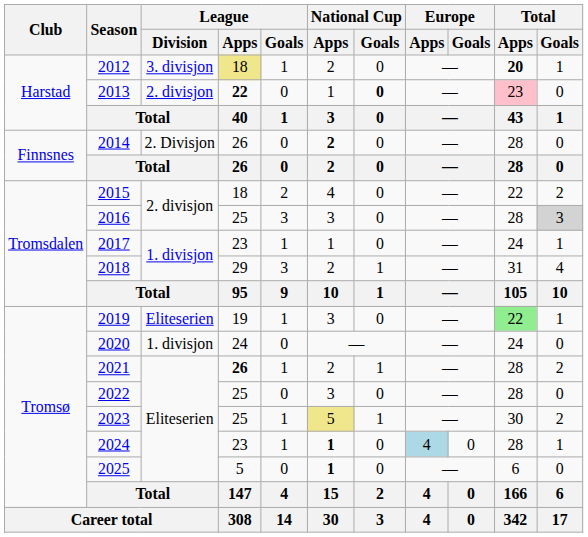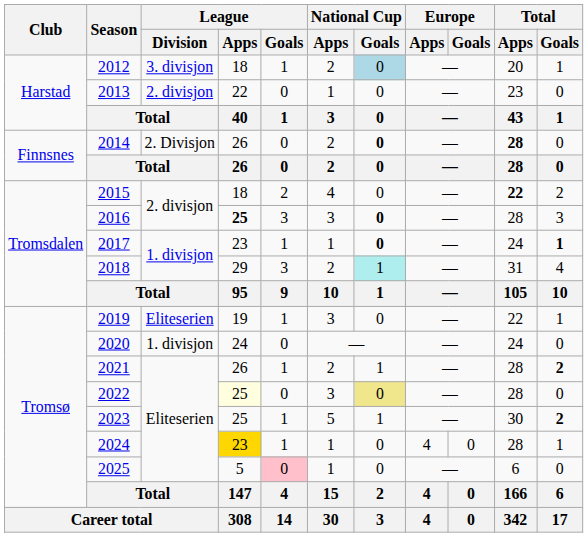 <table class="wikitable" style="text-align: center;">
 <tr>
 <th rowspan=2>Club</th>
 <th rowspan=2>Season</th>
 <th colspan=3>League</th>
 <th colspan=2>National Cup</th>
 <th colspan=2>Europe</th>
 <th colspan=2>Total</th>
 </tr>
 <tr>
 <th>Division</th>
 <th>Apps</th>
 <th>Goals</th>
 <th>Apps</th>
 <th>Goals</th>
 <th>Apps</th>
 <th>Goals</th>
 <th>Apps</th>
 <th>Goals</th>
 </tr>
 <tr>
 <td rowspan=3><a href='#'>Harstad</a></td>
 <td><a href='#'>2012</a></td>
 <td><a href='#'>3. divisjon</a></td>
-<td style="background: khaki;">18</td>
+<td>18</td>
 <td>1</td>
 <td>2</td>
-<td>0</td>
+<td style="background: lightblue;">0</td>
 <td colspan=2>—</td>
-<td><strong>20</strong></td>
+<td>20</td>
 <td>1</td>
 </tr>
 <tr>
 <td><a href='#'>2013</a></td>
 <td><a href='#'>2. divisjon</a></td>
-<td><strong>22</strong></td>
+<td>22</td>
 <td>0</td>
 <td>1</td>
-<td><strong>0</strong></td>
+<td>0</td>
 <td colspan=2>—</td>
-<td style="background: pink;">23</td>
+<td>23</td>
 <td>0</td>
 </tr>
 <tr>
 <th colspan="2">Total</th>
 <th>40</th>
 <th>1</th>
 <th>3</th>
 <th>0</th>
 <th colspan=2>—</th>
 <th>43</th>
 <th>1</th>
 </tr>
 <tr>
 <td rowspan=2><a href='#'>Finnsnes</a></td>
 <td><a href='#'>2014</a></td>
 <td>2. Divisjon</td>
 <td>26</td>
 <td>0</td>
-<td><strong>2</strong></td>
-<td>0</td>
+<td>2</td>
+<td><strong>0</strong></td>
 <td colspan=2>—</td>
-<td>28</td>
+<td><strong>28</strong></td>
 <td>0</td>
 </tr>
 <tr>
 <th colspan=2>Total</th>
 <th>26</th>
 <th>0</th>
 <th>2</th>
 <th>0</th>
 <th colspan=2>—</th>
 <th>28</th>
 <th>0</th>
 </tr>
 <tr>
 <td rowspan=5><a href='#'>Tromsdalen</a></td>
 <td><a href='#'>2015</a></td>
 <td rowspan=2>2. divisjon</td>
 <td>18</td>
 <td>2</td>
 <td>4</td>
 <td>0</td>
 <td colspan=2>—</td>
-<td>22</td>
+<td><strong>22</strong></td>
 <td>2</td>
 </tr>
 <tr>
 <td><a href='#'>2016</a></td>
-<td>25</td>
+<td><strong>25</strong></td>
 <td>3</td>
 <td>3</td>
-<td>0</td>
+<td><strong>0</strong></td>
 <td colspan="2">—</td>
 <td>28</td>
-<td style="background: lightgrey;">3</td>
+<td>3</td>
 </tr>
 <tr>
 <td><a href='#'>2017</a></td>
 <td rowspan=2><a href='#'>1. divisjon</a></td>
 <td>23</td>
 <td>1</td>
 <td>1</td>
-<td>0</td>
+<td><strong>0</strong></td>
 <td colspan=2>—</td>
 <td>24</td>
-<td>1</td>
+<td><strong>1</strong></td>
 </tr>
 <tr>
 <td><a href='#'>2018</a></td>
 <td>29</td>
 <td>3</td>
 <td>2</td>
-<td>1</td>
+<td style="background: paleturquoise;">1</td>
 <td colspan=2>—</td>
 <td>31</td>
 <td>4</td>
 </tr>
 <tr>
 <th colspan=2>Total</th>
 <th>95</th>
 <th>9</th>
 <th>10</th>
 <th>1</th>
 <th colspan=2>—</th>
 <th>105</th>
 <th>10</th>
 </tr>
 <tr>
 <td rowspan=8><a href='#'>Tromsø</a></td>
 <td><a href='#'>2019</a></td>
 <td><a href='#'>Eliteserien</a></td>
 <td>19</td>
 <td>1</td>
 <td>3</td>
 <td>0</td>
 <td colspan=2>—</td>
-<td style="background: lightgreen;">22</td>
+<td>22</td>
 <td>1</td>
 </tr>
 <tr>
 <td><a href='#'>2020</a></td>
 <td>1. divisjon</td>
 <td>24</td>
 <td>0</td>
 <td colspan=2>—</td>
 <td colspan=2>—</td>
 <td>24</td>
 <td>0</td>
 </tr>
 <tr>
 <td><a href='#'>2021</a></td>
 <td rowspan=5>Eliteserien</td>
-<td><strong>26</strong></td>
+<td>26</td>
 <td>1</td>
 <td>2</td>
 <td>1</td>
 <td colspan=2>—</td>
 <td>28</td>
-<td>2</td>
+<td><strong>2</strong></td>
 </tr>
 <tr>
 <td><a href='#'>2022</a></td>
-<td>25</td>
+<td style="background: lightyellow;">25</td>
 <td>0</td>
 <td>3</td>
-<td>0</td>
+<td style="background: khaki;">0</td>
 <td colspan=2>—</td>
 <td>28</td>
 <td>0</td>
 </tr>
 <tr>
 <td><a href='#'>2023</a></td>
 <td>25</td>
 <td>1</td>
-<td style="background: khaki;">5</td>
+<td>5</td>
 <td>1</td>
 <td colspan=2>—</td>
 <td>30</td>
-<td>2</td>
+<td><strong>2</strong></td>
 </tr>
 <tr>
 <td><a href='#'>2024</a></td>
-<td>23</td>
+<td style="background: gold;">23</td>
 <td>1</td>
-<td><strong>1</strong></td>
+<td>1</td>
 <td>0</td>
-<td style="background: lightblue;">4</td>
+<td>4</td>
 <td>0</td>
 <td>28</td>
 <td>1</td>
 </tr>
 <tr>
 <td><a href='#'>2025</a></td>
 <td>5</td>
-<td>0</td>
-<td><strong>1</strong></td>
+<td style="background: pink;">0</td>
+<td>1</td>
 <td>0</td>
 <td colspan=2>—</td>
 <td>6</td>
 <td>0</td>
 </tr>
 <tr>
 <th colspan=2>Total</th>
 <th>147</th>
 <th>4</th>
 <th>15</th>
 <th>2</th>
 <th>4</th>
 <th>0</th>
 <th>166</th>
 <th>6</th>
 </tr>
 <tr>
 <th colspan=3>Career total</th>
 <th>308</th>
 <th>14</th>
 <th>30</th>
 <th>3</th>
 <th>4</th>
 <th>0</th>
 <th>342</th>
 <th>17</th>
 </tr>
 </table>
